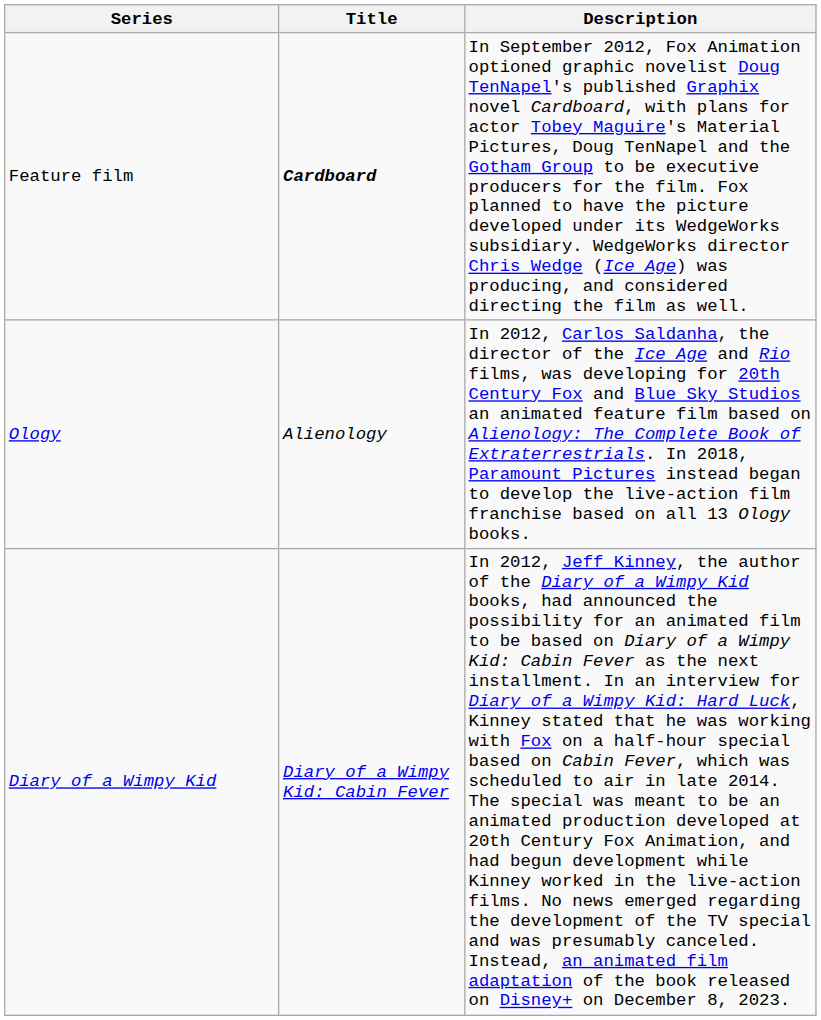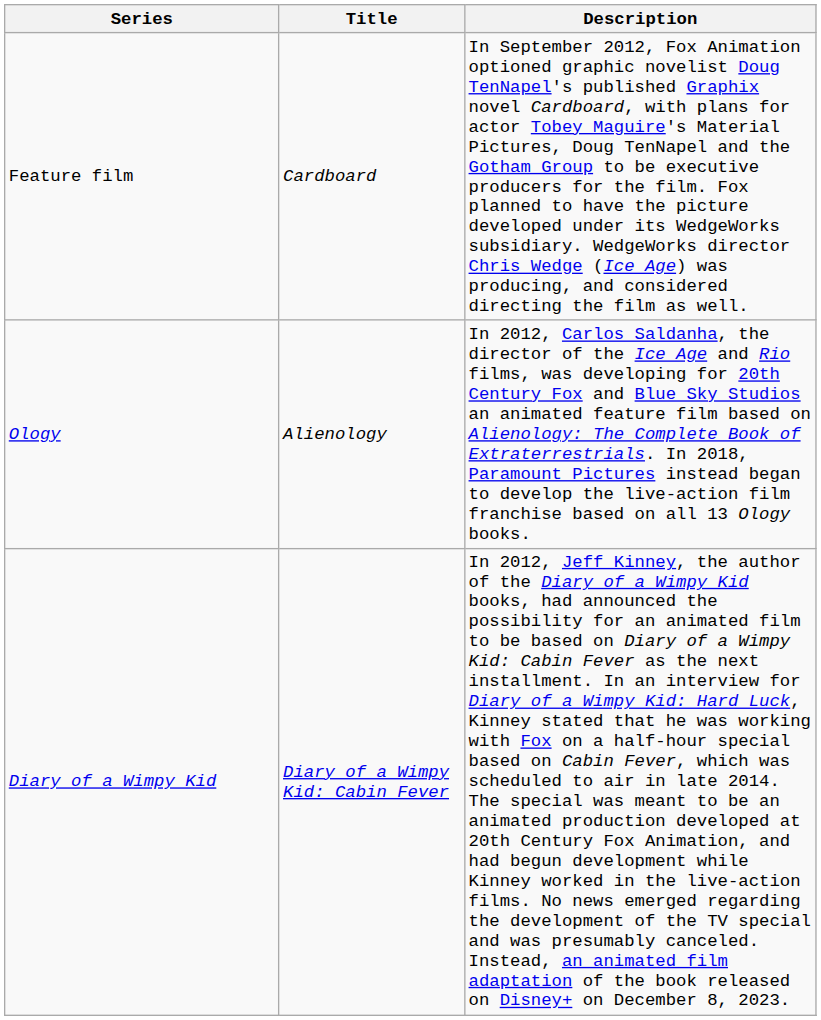 <table class="wikitable">
 <tr>
 <th style="width:150pt;">Series</th>
 <th style="width:100pt;">Title</th>
 <th>Description</th>
 </tr>
 <tr>
 <td>Feature film</td>
-<td><strong><em>Cardboard</em></strong></td>
+<td><em>Cardboard</em></td>
 <td>In September 2012, Fox Animation optioned graphic novelist <a href='#'>Doug TenNapel</a>'s published <a href='#'>Graphix</a> novel <em>Cardboard</em>, with plans for actor <a href='#'>Tobey Maguire</a>'s Material Pictures, Doug TenNapel and the <a href='#'>Gotham Group</a> to be executive producers for the film. Fox planned to have the picture developed under its WedgeWorks subsidiary. WedgeWorks director <a href='#'>Chris Wedge</a> (<em><a href='#'>Ice Age</a></em>) was producing, and considered directing the film as well.</td>
 </tr>
 <tr>
 <td><em><a href='#'>Ology</a></em></td>
 <td><em>Alienology</em></td>
 <td>In 2012, <a href='#'>Carlos Saldanha</a>, the director of the <em><a href='#'>Ice Age</a></em> and <em><a href='#'>Rio</a></em> films, was developing for <a href='#'>20th Century Fox</a> and <a href='#'>Blue Sky Studios</a> an animated feature film based on <em><a href='#'>Alienology: The Complete Book of Extraterrestrials</a></em>. In 2018, <a href='#'>Paramount Pictures</a> instead began to develop the live-action film franchise based on all 13 <em>Ology</em> books.</td>
 </tr>
 <tr>
 <td><em><a href='#'>Diary of a Wimpy Kid</a></em></td>
 <td><em><a href='#'>Diary of a Wimpy Kid: Cabin Fever</a></em></td>
 <td>In 2012, <a href='#'>Jeff Kinney</a>, the author of the <em><a href='#'>Diary of a Wimpy Kid</a></em> books, had announced the possibility for an animated film to be based on <em>Diary of a Wimpy Kid: Cabin Fever</em> as the next installment. In an interview for <em><a href='#'>Diary of a Wimpy Kid: Hard Luck</a></em>, Kinney stated that he was working with <a href='#'>Fox</a> on a half-hour special based on <em>Cabin Fever</em>, which was scheduled to air in late 2014. The special was meant to be an animated production developed at 20th Century Fox Animation, and had begun development while Kinney worked in the live-action films. No news emerged regarding the development of the TV special and was presumably canceled. Instead, <a href='#'>an animated film adaptation</a> of the book released on <a href='#'>Disney+</a> on December 8, 2023.</td>
 </tr>
 <tr>
 </tr>
 </table>
